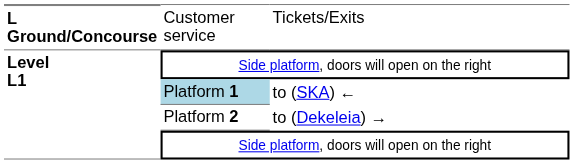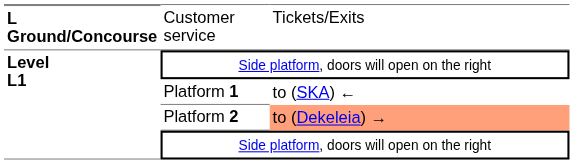 <table table border=0 cellspacing=0 cellpadding=3>
 <tr>
 <td style="border-bottom:solid 1px gray;border-top:solid 2px gray;" width=50 valign=top><strong>L<br>Ground/Concourse</strong></td>
 <td style="border-top:solid 1px gray;border-bottom:solid 1px gray;" width=100 valign=top>Customer service</td>
 <td style="border-top:solid 1px gray;border-bottom:solid 1px gray;" width=285 valign=top>Tickets/Exits</td>
 </tr>
 <tr>
 <td style="border-bottom:solid 1px gray;" rowspan=4 valign=top><strong>Level<br>L1</strong></td>
 <td style="border-top:solid 2px black;border-right:solid 2px black;border-left:solid 2px black;border-bottom:solid 2px black;text-align:center;" colspan=2><small><a href='#'>Side platform</a>, doors will open on the right</small></td>
 </tr>
 <tr>
-<td style="background: lightblue; border-bottom:solid 1px gray;">Platform <strong>1</strong></td>
+<td style="border-bottom:solid 1px gray;">Platform <strong>1</strong></td>
 <td> to  (<a href='#'>SKA</a>) ←</td>
 </tr>
 <tr>
 <td style="border-bottom:solid 1px gray;">Platform <strong>2</strong></td>
-<td> to  (<a href='#'>Dekeleia</a>) →</td>
+<td style="background: lightsalmon;"> to  (<a href='#'>Dekeleia</a>) →</td>
 </tr>
 <tr>
 <td style="border-top:solid 2px black;border-left:solid 2px black;border-right:solid 2px black;border-bottom:solid 2px black;text-align:center;" colspan=2><small><a href='#'>Side platform</a>, doors will open on the right</small></td>
 </tr>
 </table>
